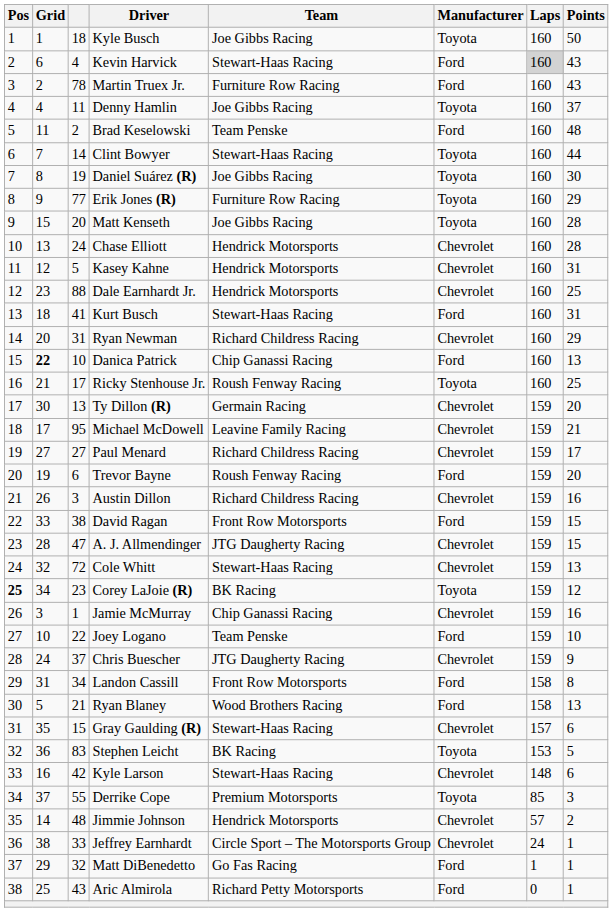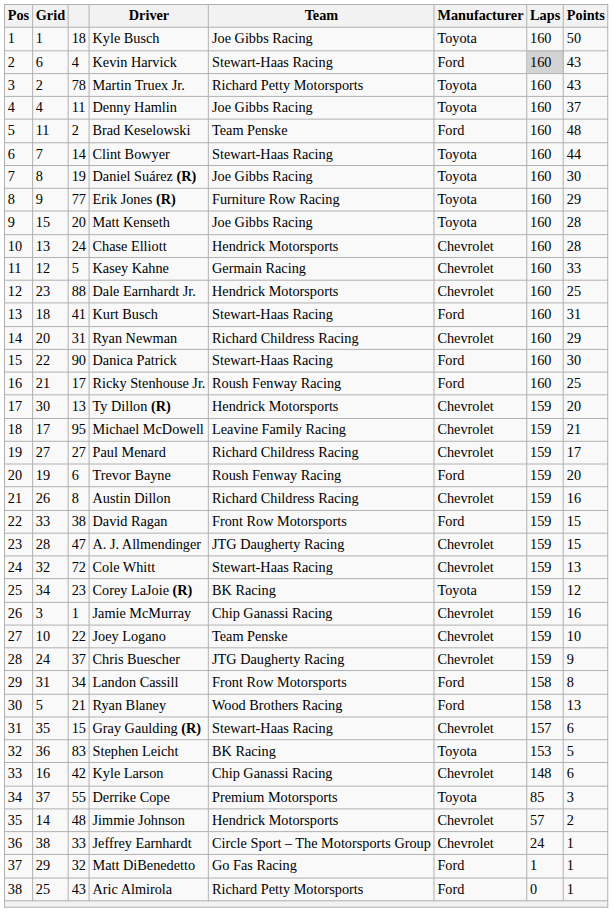 <table class="wikitable" style="font-size:98%">
 <tr>
 <th>Pos</th>
 <th>Grid</th>
 <th></th>
 <th>Driver</th>
 <th>Team</th>
 <th>Manufacturer</th>
 <th>Laps</th>
 <th>Points</th>
 </tr>
 <tr>
 <td>1</td>
 <td>1</td>
 <td>18</td>
 <td>Kyle Busch</td>
 <td>Joe Gibbs Racing</td>
 <td>Toyota</td>
 <td>160</td>
 <td>50</td>
 </tr>
 <tr>
 <td>2</td>
 <td>6</td>
 <td>4</td>
 <td>Kevin Harvick</td>
 <td>Stewart-Haas Racing</td>
 <td>Ford</td>
 <td style="background: lightgrey;">160</td>
 <td>43</td>
 </tr>
 <tr>
 <td>3</td>
 <td>2</td>
 <td>78</td>
 <td>Martin Truex Jr.</td>
-<td>Furniture Row Racing</td>
-<td>Ford</td>
+<td>Richard Petty Motorsports</td>
+<td>Toyota</td>
 <td>160</td>
 <td>43</td>
 </tr>
 <tr>
 <td>4</td>
 <td>4</td>
 <td>11</td>
 <td>Denny Hamlin</td>
 <td>Joe Gibbs Racing</td>
 <td>Toyota</td>
 <td>160</td>
 <td>37</td>
 </tr>
 <tr>
 <td>5</td>
 <td>11</td>
 <td>2</td>
 <td>Brad Keselowski</td>
 <td>Team Penske</td>
 <td>Ford</td>
 <td>160</td>
 <td>48</td>
 </tr>
 <tr>
 <td>6</td>
 <td>7</td>
 <td>14</td>
 <td>Clint Bowyer</td>
 <td>Stewart-Haas Racing</td>
 <td>Toyota</td>
 <td>160</td>
 <td>44</td>
 </tr>
 <tr>
 <td>7</td>
 <td>8</td>
 <td>19</td>
 <td>Daniel Suárez <strong>(R)</strong></td>
 <td>Joe Gibbs Racing</td>
 <td>Toyota</td>
 <td>160</td>
 <td>30</td>
 </tr>
 <tr>
 <td>8</td>
 <td>9</td>
 <td>77</td>
 <td>Erik Jones <strong>(R)</strong></td>
 <td>Furniture Row Racing</td>
 <td>Toyota</td>
 <td>160</td>
 <td>29</td>
 </tr>
 <tr>
 <td>9</td>
 <td>15</td>
 <td>20</td>
 <td>Matt Kenseth</td>
 <td>Joe Gibbs Racing</td>
 <td>Toyota</td>
 <td>160</td>
 <td>28</td>
 </tr>
 <tr>
 <td>10</td>
 <td>13</td>
 <td>24</td>
 <td>Chase Elliott</td>
 <td>Hendrick Motorsports</td>
 <td>Chevrolet</td>
 <td>160</td>
 <td>28</td>
 </tr>
 <tr>
 <td>11</td>
 <td>12</td>
 <td>5</td>
 <td>Kasey Kahne</td>
-<td>Hendrick Motorsports</td>
+<td>Germain Racing</td>
 <td>Chevrolet</td>
 <td>160</td>
-<td>31</td>
+<td>33</td>
 </tr>
 <tr>
 <td>12</td>
 <td>23</td>
 <td>88</td>
 <td>Dale Earnhardt Jr.</td>
 <td>Hendrick Motorsports</td>
 <td>Chevrolet</td>
 <td>160</td>
 <td>25</td>
 </tr>
 <tr>
 <td>13</td>
 <td>18</td>
 <td>41</td>
 <td>Kurt Busch</td>
 <td>Stewart-Haas Racing</td>
 <td>Ford</td>
 <td>160</td>
 <td>31</td>
 </tr>
 <tr>
 <td>14</td>
 <td>20</td>
 <td>31</td>
 <td>Ryan Newman</td>
 <td>Richard Childress Racing</td>
 <td>Chevrolet</td>
 <td>160</td>
 <td>29</td>
 </tr>
 <tr>
 <td>15</td>
-<td><strong>22</strong></td>
-<td>10</td>
+<td>22</td>
+<td>90</td>
 <td>Danica Patrick</td>
-<td>Chip Ganassi Racing</td>
+<td>Stewart-Haas Racing</td>
 <td>Ford</td>
 <td>160</td>
-<td>13</td>
+<td>30</td>
 </tr>
 <tr>
 <td>16</td>
 <td>21</td>
 <td>17</td>
 <td>Ricky Stenhouse Jr.</td>
 <td>Roush Fenway Racing</td>
-<td>Toyota</td>
+<td>Ford</td>
 <td>160</td>
 <td>25</td>
 </tr>
 <tr>
 <td>17</td>
 <td>30</td>
 <td>13</td>
 <td>Ty Dillon <strong>(R)</strong></td>
-<td>Germain Racing</td>
+<td>Hendrick Motorsports</td>
 <td>Chevrolet</td>
 <td>159</td>
 <td>20</td>
 </tr>
 <tr>
 <td>18</td>
 <td>17</td>
 <td>95</td>
 <td>Michael McDowell</td>
 <td>Leavine Family Racing</td>
 <td>Chevrolet</td>
 <td>159</td>
 <td>21</td>
 </tr>
 <tr>
 <td>19</td>
 <td>27</td>
 <td>27</td>
 <td>Paul Menard</td>
 <td>Richard Childress Racing</td>
 <td>Chevrolet</td>
 <td>159</td>
 <td>17</td>
 </tr>
 <tr>
 <td>20</td>
 <td>19</td>
 <td>6</td>
 <td>Trevor Bayne</td>
 <td>Roush Fenway Racing</td>
 <td>Ford</td>
 <td>159</td>
 <td>20</td>
 </tr>
 <tr>
 <td>21</td>
 <td>26</td>
-<td>3</td>
+<td>8</td>
 <td>Austin Dillon</td>
 <td>Richard Childress Racing</td>
 <td>Chevrolet</td>
 <td>159</td>
 <td>16</td>
 </tr>
 <tr>
 <td>22</td>
 <td>33</td>
 <td>38</td>
 <td>David Ragan</td>
 <td>Front Row Motorsports</td>
 <td>Ford</td>
 <td>159</td>
 <td>15</td>
 </tr>
 <tr>
 <td>23</td>
 <td>28</td>
 <td>47</td>
 <td>A. J. Allmendinger</td>
 <td>JTG Daugherty Racing</td>
 <td>Chevrolet</td>
 <td>159</td>
 <td>15</td>
 </tr>
 <tr>
 <td>24</td>
 <td>32</td>
 <td>72</td>
 <td>Cole Whitt</td>
 <td>Stewart-Haas Racing</td>
 <td>Chevrolet</td>
 <td>159</td>
 <td>13</td>
 </tr>
 <tr>
-<td><strong>25</strong></td>
+<td>25</td>
 <td>34</td>
 <td>23</td>
 <td>Corey LaJoie <strong>(R)</strong></td>
 <td>BK Racing</td>
 <td>Toyota</td>
 <td>159</td>
 <td>12</td>
 </tr>
 <tr>
 <td>26</td>
 <td>3</td>
 <td>1</td>
 <td>Jamie McMurray</td>
 <td>Chip Ganassi Racing</td>
 <td>Chevrolet</td>
 <td>159</td>
 <td>16</td>
 </tr>
 <tr>
 <td>27</td>
 <td>10</td>
 <td>22</td>
 <td>Joey Logano</td>
 <td>Team Penske</td>
-<td>Ford</td>
+<td>Chevrolet</td>
 <td>159</td>
 <td>10</td>
 </tr>
 <tr>
 <td>28</td>
 <td>24</td>
 <td>37</td>
 <td>Chris Buescher</td>
 <td>JTG Daugherty Racing</td>
 <td>Chevrolet</td>
 <td>159</td>
 <td>9</td>
 </tr>
 <tr>
 <td>29</td>
 <td>31</td>
 <td>34</td>
 <td>Landon Cassill</td>
 <td>Front Row Motorsports</td>
 <td>Ford</td>
 <td>158</td>
 <td>8</td>
 </tr>
 <tr>
 <td>30</td>
 <td>5</td>
 <td>21</td>
 <td>Ryan Blaney</td>
 <td>Wood Brothers Racing</td>
 <td>Ford</td>
 <td>158</td>
 <td>13</td>
 </tr>
 <tr>
 <td>31</td>
 <td>35</td>
 <td>15</td>
 <td>Gray Gaulding <strong>(R)</strong></td>
 <td>Stewart-Haas Racing</td>
 <td>Chevrolet</td>
 <td>157</td>
 <td>6</td>
 </tr>
 <tr>
 <td>32</td>
 <td>36</td>
 <td>83</td>
 <td>Stephen Leicht</td>
 <td>BK Racing</td>
 <td>Toyota</td>
 <td>153</td>
 <td>5</td>
 </tr>
 <tr>
 <td>33</td>
 <td>16</td>
 <td>42</td>
 <td>Kyle Larson</td>
-<td>Stewart-Haas Racing</td>
+<td>Chip Ganassi Racing</td>
 <td>Chevrolet</td>
 <td>148</td>
 <td>6</td>
 </tr>
 <tr>
 <td>34</td>
 <td>37</td>
 <td>55</td>
 <td>Derrike Cope</td>
 <td>Premium Motorsports</td>
 <td>Toyota</td>
 <td>85</td>
 <td>3</td>
 </tr>
 <tr>
 <td>35</td>
 <td>14</td>
 <td>48</td>
 <td>Jimmie Johnson</td>
 <td>Hendrick Motorsports</td>
 <td>Chevrolet</td>
 <td>57</td>
 <td>2</td>
 </tr>
 <tr>
 <td>36</td>
 <td>38</td>
 <td>33</td>
 <td>Jeffrey Earnhardt</td>
 <td>Circle Sport – The Motorsports Group</td>
 <td>Chevrolet</td>
 <td>24</td>
 <td>1</td>
 </tr>
 <tr>
 <td>37</td>
 <td>29</td>
 <td>32</td>
 <td>Matt DiBenedetto</td>
 <td>Go Fas Racing</td>
 <td>Ford</td>
 <td>1</td>
 <td>1</td>
 </tr>
 <tr>
 <td>38</td>
 <td>25</td>
 <td>43</td>
 <td>Aric Almirola</td>
 <td>Richard Petty Motorsports</td>
 <td>Ford</td>
 <td>0</td>
 <td>1</td>
 </tr>
 <tr>
 <th colspan="8"></th>
 </tr>
 </table>
